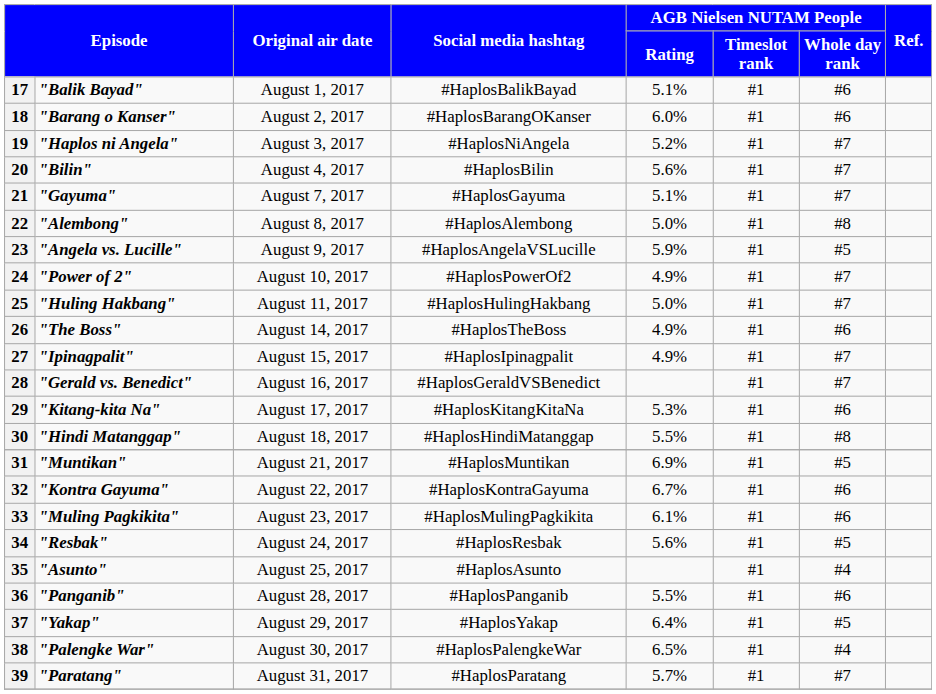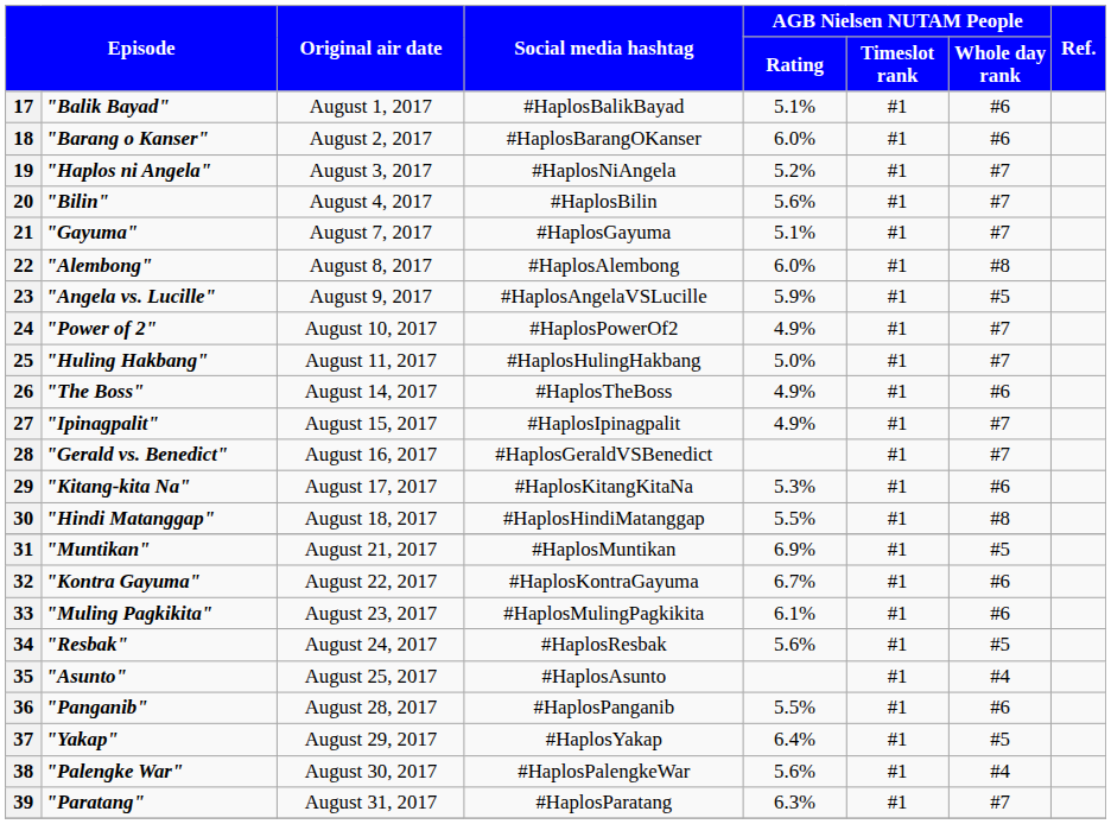 <table class="wikitable" style="text-align:center; font-size:100%; line-height:18px;"  width="100%">
 <tr>
 <th colspan="2" rowspan="2" style="background-color:#0000FF; color:#ffffff;">Episode</th>
 <th style="background:#0000FF; color:white" rowspan="2">Original air date</th>
 <th style="background:#0000FF; color:white" rowspan="2">Social media hashtag</th>
 <th style="background-color:#0000FF; color:#ffffff;" colspan="3">AGB Nielsen NUTAM People</th>
 <th style="background-color:#0000FF; color:#ffffff;" rowspan="2">Ref.</th>
 </tr>
 <tr>
 <th style="background-color:#0000FF; width:75px; color:#ffffff;">Rating</th>
 <th style="background-color:#0000FF; width:75px; color:#ffffff;">Timeslot<br>rank</th>
 <th style="background-color:#0000FF; width:75px; color:#ffffff;">Whole day<br>rank</th>
 </tr>
 <tr>
 <th>17</th>
 <td style="text-align: left;"><strong><em>"Balik Bayad"</em></strong></td>
 <td>August 1, 2017</td>
 <td>#HaplosBalikBayad</td>
 <td>5.1%</td>
 <td>#1</td>
 <td>#6</td>
 <td></td>
 </tr>
 <tr>
 <th>18</th>
 <td style="text-align: left;"><strong><em>"Barang o Kanser"</em></strong></td>
 <td>August 2, 2017</td>
 <td>#HaplosBarangOKanser</td>
 <td>6.0%</td>
 <td>#1</td>
 <td>#6</td>
 <td></td>
 </tr>
 <tr>
 <th>19</th>
 <td style="text-align: left;"><strong><em>"Haplos ni Angela"</em></strong></td>
 <td>August 3, 2017</td>
 <td>#HaplosNiAngela</td>
 <td>5.2%</td>
 <td>#1</td>
 <td>#7</td>
 <td></td>
 </tr>
 <tr>
 <th>20</th>
 <td style="text-align: left;"><strong><em>"Bilin"</em></strong></td>
 <td>August 4, 2017</td>
 <td>#HaplosBilin</td>
 <td>5.6%</td>
 <td>#1</td>
 <td>#7</td>
 <td></td>
 </tr>
 <tr>
 <th>21</th>
 <td style="text-align: left;"><strong><em>"Gayuma"</em></strong></td>
 <td>August 7, 2017</td>
 <td>#HaplosGayuma</td>
 <td>5.1%</td>
 <td>#1</td>
 <td>#7</td>
 <td></td>
 </tr>
 <tr>
 <th>22</th>
 <td style="text-align: left;"><strong><em>"Alembong"</em></strong></td>
 <td>August 8, 2017</td>
 <td>#HaplosAlembong</td>
-<td>5.0%</td>
+<td>6.0%</td>
 <td>#1</td>
 <td>#8</td>
 <td></td>
 </tr>
 <tr>
 <th>23</th>
 <td style="text-align: left;"><strong><em>"Angela vs. Lucille"</em></strong></td>
 <td>August 9, 2017</td>
 <td>#HaplosAngelaVSLucille</td>
 <td>5.9%</td>
 <td>#1</td>
 <td>#5</td>
 <td></td>
 </tr>
 <tr>
 <th>24</th>
 <td style="text-align: left;"><strong><em>"Power of 2"</em></strong></td>
 <td>August 10, 2017</td>
 <td>#HaplosPowerOf2</td>
 <td>4.9%</td>
 <td>#1</td>
 <td>#7</td>
 <td></td>
 </tr>
 <tr>
 <th>25</th>
 <td style="text-align: left;"><strong><em>"Huling Hakbang"</em></strong></td>
 <td>August 11, 2017</td>
 <td>#HaplosHulingHakbang</td>
 <td>5.0%</td>
 <td>#1</td>
 <td>#7</td>
 <td></td>
 </tr>
 <tr>
 <th>26</th>
 <td style="text-align: left;"><strong><em>"The Boss"</em></strong></td>
 <td>August 14, 2017</td>
 <td>#HaplosTheBoss</td>
 <td>4.9%</td>
 <td>#1</td>
 <td>#6</td>
 <td></td>
 </tr>
 <tr>
 <th>27</th>
 <td style="text-align: left;"><strong><em>"Ipinagpalit"</em></strong></td>
 <td>August 15, 2017</td>
 <td>#HaplosIpinagpalit</td>
 <td>4.9%</td>
 <td>#1</td>
 <td>#7</td>
 <td></td>
 </tr>
 <tr>
 <th>28</th>
 <td style="text-align: left;"><strong><em>"Gerald vs. Benedict"</em></strong></td>
 <td>August 16, 2017</td>
 <td>#HaplosGeraldVSBenedict</td>
 <td></td>
 <td>#1</td>
 <td>#7</td>
 <td></td>
 </tr>
 <tr>
 <th>29</th>
 <td style="text-align: left;"><strong><em>"Kitang-kita Na"</em></strong></td>
 <td>August 17, 2017</td>
 <td>#HaplosKitangKitaNa</td>
 <td>5.3%</td>
 <td>#1</td>
 <td>#6</td>
 <td></td>
 </tr>
 <tr>
 <th>30</th>
 <td style="text-align: left;"><strong><em>"Hindi Matanggap"</em></strong></td>
 <td>August 18, 2017</td>
 <td>#HaplosHindiMatanggap</td>
 <td>5.5%</td>
 <td>#1</td>
 <td>#8</td>
 <td></td>
 </tr>
 <tr>
 </tr>
 <tr>
 <th>31</th>
 <td style="text-align: left;"><strong><em>"Muntikan"</em></strong></td>
 <td>August 21, 2017</td>
 <td>#HaplosMuntikan</td>
 <td>6.9%</td>
 <td>#1</td>
 <td>#5</td>
 <td></td>
 </tr>
 <tr>
 <th>32</th>
 <td style="text-align: left;"><strong><em>"Kontra Gayuma"</em></strong></td>
 <td>August 22, 2017</td>
 <td>#HaplosKontraGayuma</td>
 <td>6.7%</td>
 <td>#1</td>
 <td>#6</td>
 <td></td>
 </tr>
 <tr>
 <th>33</th>
 <td style="text-align: left;"><strong><em>"Muling Pagkikita"</em></strong></td>
 <td>August 23, 2017</td>
 <td>#HaplosMulingPagkikita</td>
 <td>6.1%</td>
 <td>#1</td>
 <td>#6</td>
 <td></td>
 </tr>
 <tr>
 <th>34</th>
 <td style="text-align: left;"><strong><em>"Resbak"</em></strong></td>
 <td>August 24, 2017</td>
 <td>#HaplosResbak</td>
 <td>5.6%</td>
 <td>#1</td>
 <td>#5</td>
 <td></td>
 </tr>
 <tr>
 <th>35</th>
 <td style="text-align: left;"><strong><em>"Asunto"</em></strong></td>
 <td>August 25, 2017</td>
 <td>#HaplosAsunto</td>
 <td></td>
 <td>#1</td>
 <td>#4</td>
 <td></td>
 </tr>
 <tr>
 <th>36</th>
 <td style="text-align: left;"><strong><em>"Panganib"</em></strong></td>
 <td>August 28, 2017</td>
 <td>#HaplosPanganib</td>
 <td>5.5%</td>
 <td>#1</td>
 <td>#6</td>
 <td></td>
 </tr>
 <tr>
 <th>37</th>
 <td style="text-align: left;"><strong><em>"Yakap"</em></strong></td>
 <td>August 29, 2017</td>
 <td>#HaplosYakap</td>
 <td>6.4%</td>
 <td>#1</td>
 <td>#5</td>
 <td></td>
 </tr>
 <tr>
 <th>38</th>
 <td style="text-align: left;"><strong><em>"Palengke War"</em></strong></td>
 <td>August 30, 2017</td>
 <td>#HaplosPalengkeWar</td>
-<td>6.5%</td>
+<td>5.6%</td>
 <td>#1</td>
 <td>#4</td>
 <td></td>
 </tr>
 <tr>
 <th>39</th>
 <td style="text-align: left;"><strong><em>"Paratang"</em></strong></td>
 <td>August 31, 2017</td>
 <td>#HaplosParatang</td>
-<td>5.7%</td>
+<td>6.3%</td>
 <td>#1</td>
 <td>#7</td>
 <td></td>
 </tr>
 <tr>
 </tr>
 </table>
